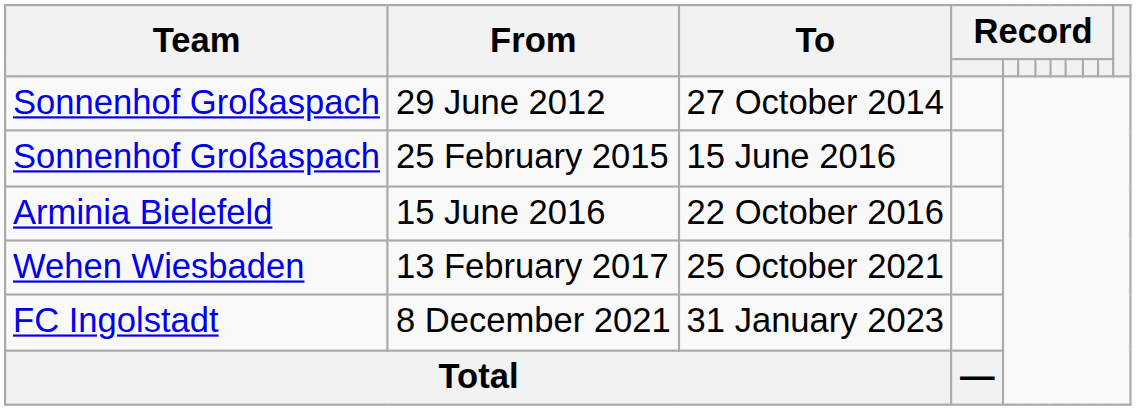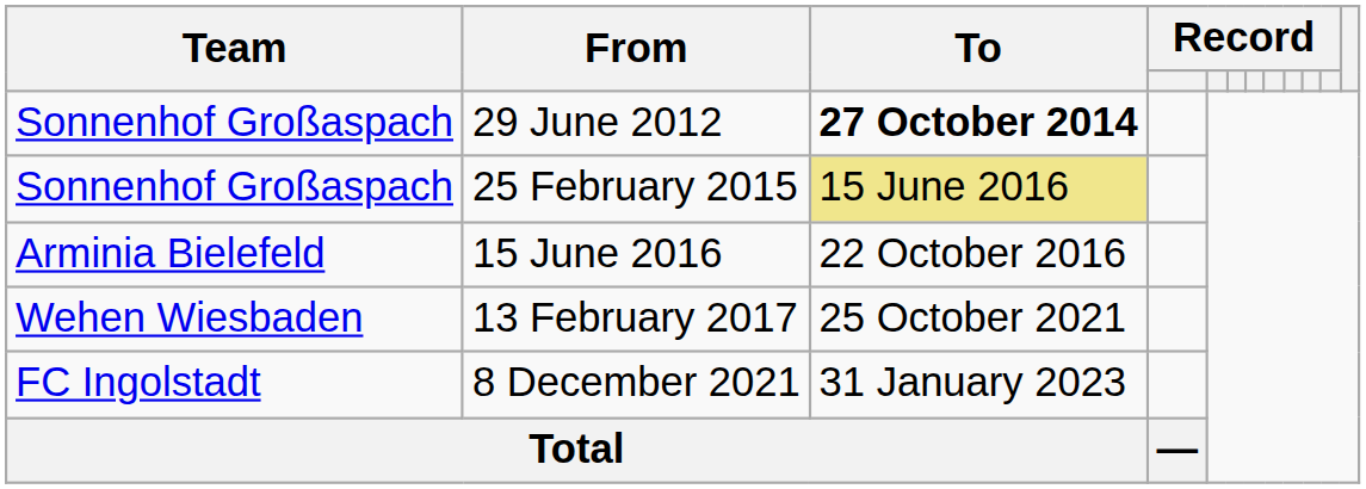 <table class="wikitable" style="text-align: center">
 <tr>
 <th rowspan="2">Team</th>
 <th rowspan="2">From</th>
 <th rowspan="2">To</th>
 <th colspan="8">Record</th>
 <th rowspan=2></th>
 </tr>
 <tr>
 <th></th>
 <th></th>
 <th></th>
 <th></th>
 <th></th>
 <th></th>
 <th></th>
 <th></th>
 </tr>
 <tr>
 <td align=left><a href='#'>Sonnenhof Großaspach</a></td>
 <td align=left>29 June 2012</td>
-<td align=left>27 October 2014<br></td>
+<td align=left><strong>27 October 2014<br></strong></td>
 <td></td>
 </tr>
 <tr>
 <td align=left><a href='#'>Sonnenhof Großaspach</a></td>
 <td align=left>25 February 2015</td>
-<td align=left>15 June 2016<br></td>
+<td align=left style="background: khaki;">15 June 2016<br></td>
 <td></td>
 </tr>
 <tr>
 <td align=left><a href='#'>Arminia Bielefeld</a></td>
 <td align=left>15 June 2016</td>
 <td align=left>22 October 2016<br></td>
 <td></td>
 </tr>
 <tr>
 <td align=left><a href='#'>Wehen Wiesbaden</a></td>
 <td align=left>13 February 2017</td>
 <td align=left>25 October 2021<br></td>
 <td></td>
 </tr>
 <tr>
 <td align=left><a href='#'>FC Ingolstadt</a></td>
 <td align=left>8 December 2021</td>
 <td align=left>31 January 2023<br></td>
 <td></td>
 </tr>
 <tr>
 <th colspan="3">Total<br></th>
 <th>—</th>
 </tr>
 </table>
